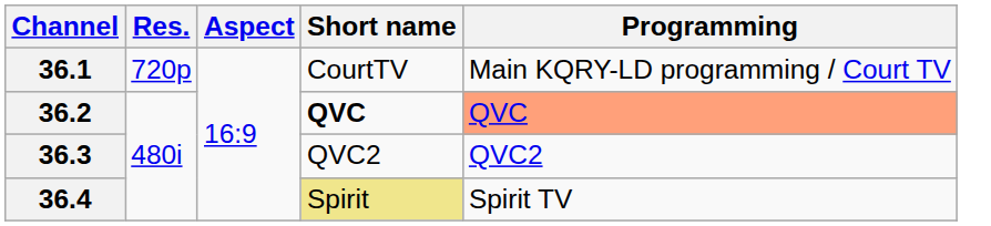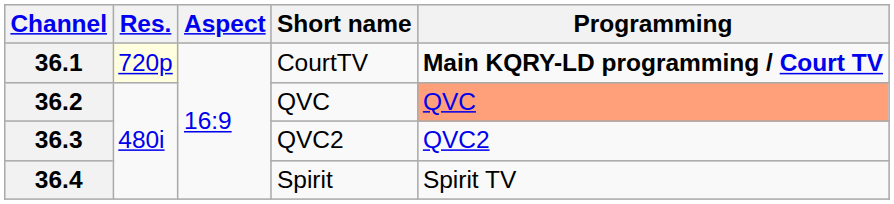 <table class="wikitable">
 <tr>
 <th><a href='#'>Channel</a></th>
 <th><a href='#'>Res.</a></th>
 <th><a href='#'>Aspect</a></th>
 <th>Short name</th>
 <th>Programming</th>
 </tr>
 <tr>
 <th scope = "row">36.1</th>
-<td><a href='#'>720p</a></td>
+<td style="background: lightyellow;"><a href='#'>720p</a></td>
 <td rowspan=4><a href='#'>16:9</a></td>
 <td>CourtTV</td>
-<td>Main KQRY-LD programming / <a href='#'>Court TV</a></td>
+<td><strong>Main KQRY-LD programming / <a href='#'>Court TV</a></strong></td>
 </tr>
 <tr>
 <th scope = "row">36.2</th>
 <td rowspan=3><a href='#'>480i</a></td>
-<td><strong>QVC</strong></td>
+<td>QVC</td>
 <td style="background: lightsalmon;"><a href='#'>QVC</a></td>
 </tr>
 <tr>
 <th scope = "row">36.3</th>
 <td>QVC2</td>
 <td><a href='#'>QVC2</a></td>
 </tr>
 <tr>
 <th scope = "row">36.4</th>
-<td style="background: khaki;">Spirit</td>
+<td>Spirit</td>
 <td>Spirit TV</td>
 </tr>
 </table>
